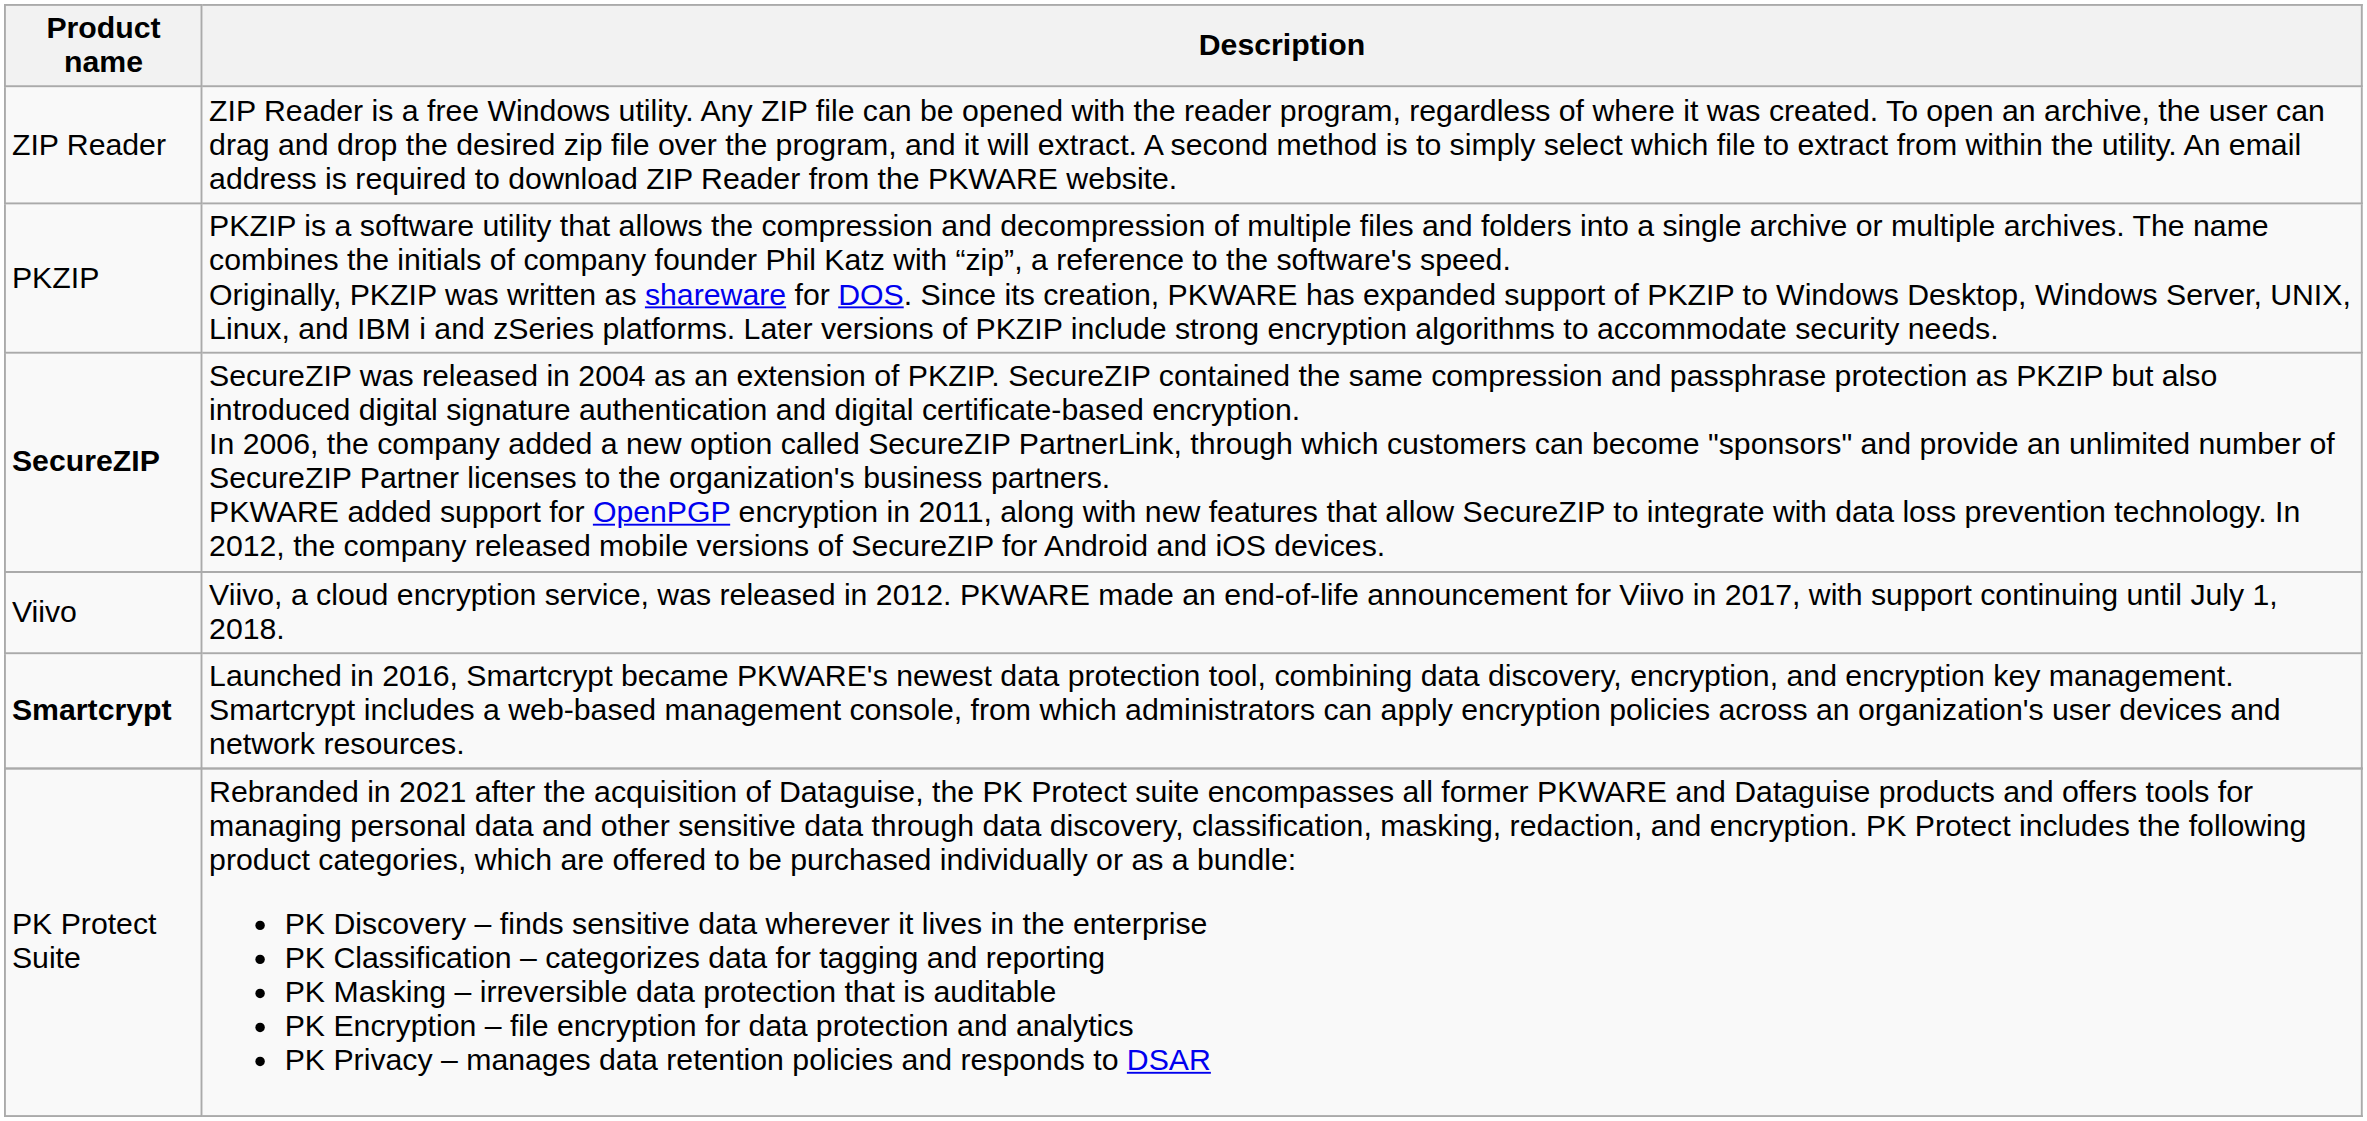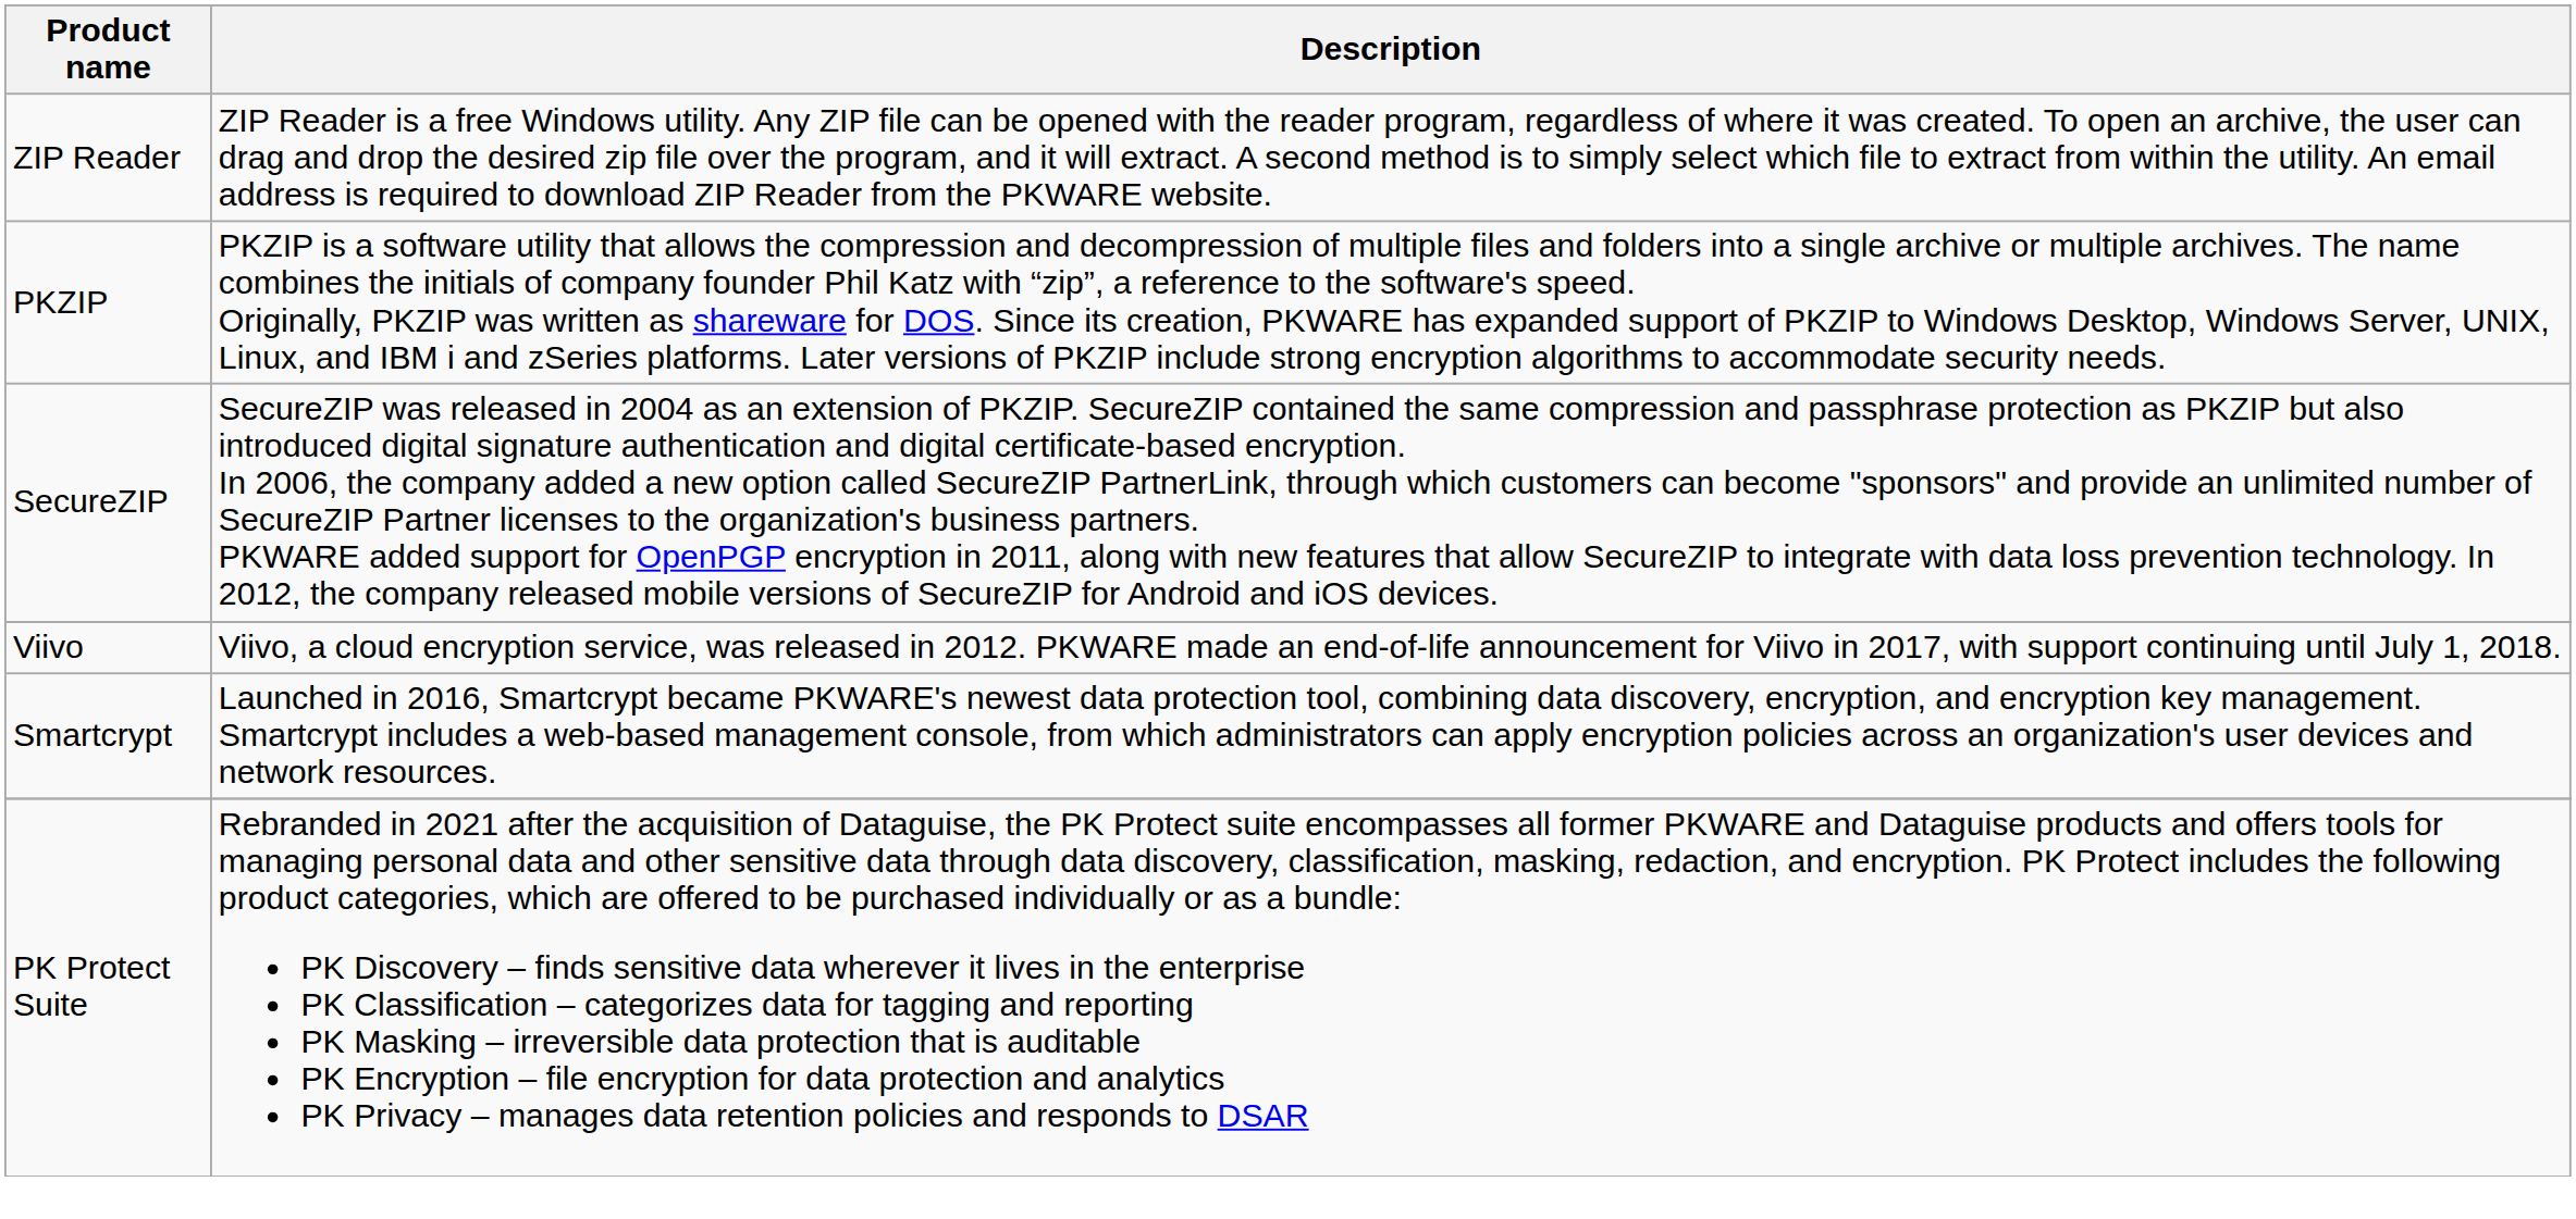 <table class="wikitable">
 <tr>
 <th>Product name</th>
 <th>Description</th>
 </tr>
 <tr>
 <td>ZIP Reader</td>
 <td>ZIP Reader is a free Windows utility. Any ZIP file can be opened with the reader program, regardless of where it was created. To open an archive, the user can drag and drop the desired zip file over the program, and it will extract. A second method is to simply select which file to extract from within the utility. An email address is required to download ZIP Reader from the PKWARE website.</td>
 </tr>
 <tr>
 <td>PKZIP</td>
 <td>PKZIP is a software utility that allows the compression and decompression of multiple files and folders into a single archive or multiple archives. The name combines the initials of company founder Phil Katz with “zip”, a reference to the software's speed.<br>Originally, PKZIP was written as <a href='#'>shareware</a> for <a href='#'>DOS</a>. Since its creation, PKWARE has expanded support of PKZIP to Windows Desktop, Windows Server, UNIX, Linux, and IBM i and zSeries platforms. Later versions of PKZIP include strong encryption algorithms to accommodate security needs.</td>
 </tr>
 <tr>
-<td><strong>SecureZIP</strong></td>
+<td>SecureZIP</td>
 <td>SecureZIP was released in 2004 as an extension of PKZIP. SecureZIP contained the same compression and passphrase protection as PKZIP but also introduced digital signature authentication and digital certificate-based encryption.<br>In 2006, the company added a new option called SecureZIP PartnerLink, through which customers can become "sponsors" and provide an unlimited number of SecureZIP Partner licenses to the organization's business partners.<br>PKWARE added support for <a href='#'>OpenPGP</a> encryption in 2011, along with new features that allow SecureZIP to integrate with data loss prevention technology. In 2012, the company released mobile versions of SecureZIP for Android and iOS devices.</td>
 </tr>
 <tr>
 </tr>
 <tr>
 <td>Viivo</td>
 <td>Viivo, a cloud encryption service, was released in 2012. PKWARE made an end-of-life announcement for Viivo in 2017, with support continuing until July 1, 2018.</td>
 </tr>
 <tr>
-<td><strong>Smartcrypt</strong></td>
+<td>Smartcrypt</td>
 <td>Launched in 2016, Smartcrypt became PKWARE's newest data protection tool, combining data discovery, encryption, and encryption key management. Smartcrypt includes a web-based management console, from which administrators can apply encryption policies across an organization's user devices and network resources.</td>
 </tr>
 <tr>
 </tr>
 <tr>
 <td>PK Protect Suite</td>
 <td>Rebranded in 2021 after the acquisition of Dataguise, the PK Protect suite encompasses all former PKWARE and Dataguise products and offers tools for managing personal data and other sensitive data through data discovery, classification, masking, redaction, and encryption. PK Protect includes the following product categories, which are offered to be purchased individually or as a bundle:<br><ul><li>PK Discovery – finds sensitive data wherever it lives in the enterprise</li><li>PK Classification – categorizes data for tagging and reporting</li><li>PK Masking – irreversible data protection that is auditable</li><li>PK Encryption – file encryption for data protection and analytics</li><li>PK Privacy – manages data retention policies and responds to <a href='#'>DSAR</a></li></ul></td>
 </tr>
 <tr>
 </tr>
 </table>
